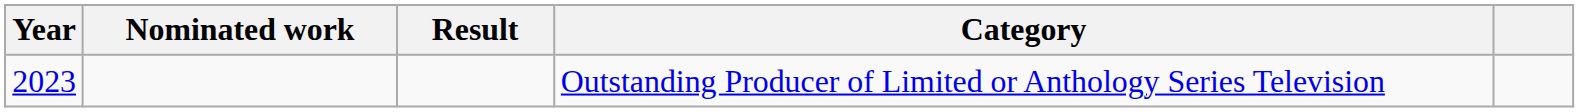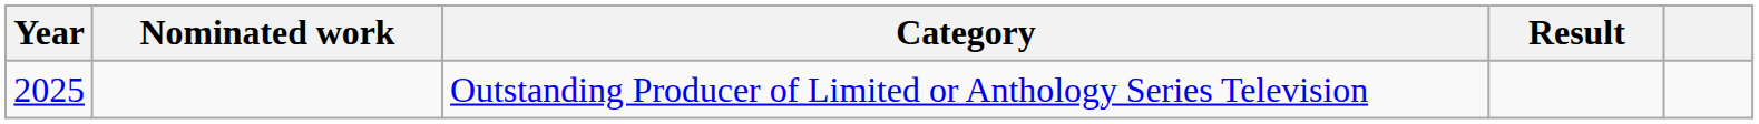 <table class=wikitable>
 <tr>
 <th scope="col" style="width:5%;">Year</th>
 <th scope="col" style="width:20%;">Nominated work</th>
+<th scope="col" style="width:60%;">Category</th>
 <th scope="col" style="width:10%;">Result</th>
-<th scope="col" style="width:60%;">Category</th>
 <th scope="col" style="width:5%;"></th>
 </tr>
 <tr>
-<td><a href='#'>2023</a></td>
-<td></td>
+<td><a href='#'>2025</a></td>
 <td></td>
 <td><a href='#'>Outstanding Producer of Limited or Anthology Series Television</a></td>
+<td></td>
 <td style="text-align:center;"></td>
 </tr>
 </table>
